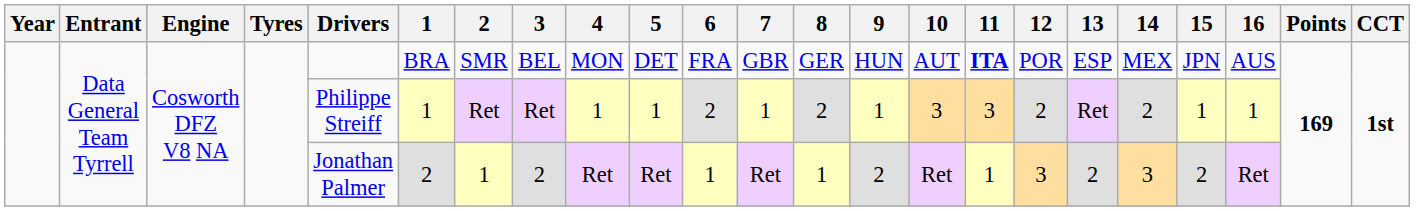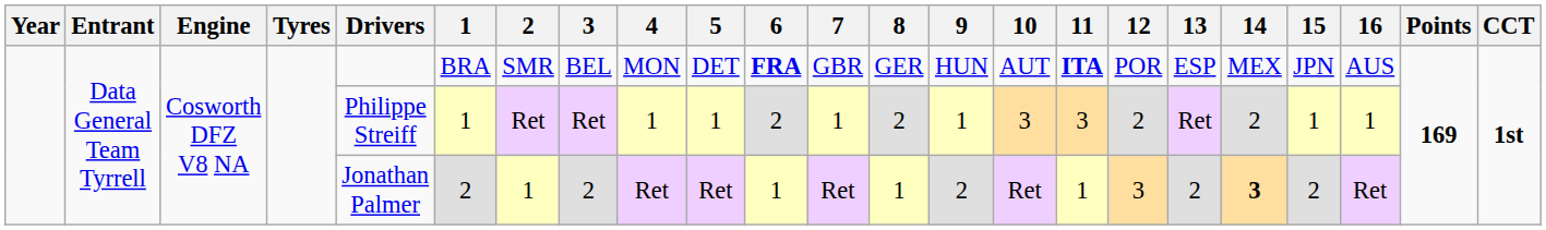 <table class="wikitable" style="text-align:center; font-size:95%">
 <tr>
 <th>Year</th>
 <th>Entrant</th>
 <th>Engine</th>
 <th>Tyres</th>
 <th>Drivers</th>
 <th>1</th>
 <th>2</th>
 <th>3</th>
 <th>4</th>
 <th>5</th>
 <th>6</th>
 <th>7</th>
 <th>8</th>
 <th>9</th>
 <th>10</th>
 <th>11</th>
 <th>12</th>
 <th>13</th>
 <th>14</th>
 <th>15</th>
 <th>16</th>
 <th>Points</th>
 <th>CCT</th>
 </tr>
 <tr>
 <td rowspan="3"></td>
 <td rowspan="3"><a href='#'>Data General</a> <a href='#'>Team Tyrrell</a></td>
 <td rowspan="3"><a href='#'>Cosworth DFZ</a><br><a href='#'>V8</a> <a href='#'>NA</a></td>
 <td rowspan="3"></td>
 <td></td>
 <td><a href='#'>BRA</a></td>
 <td><a href='#'>SMR</a></td>
 <td><a href='#'>BEL</a></td>
 <td><a href='#'>MON</a></td>
 <td><a href='#'>DET</a></td>
-<td><a href='#'>FRA</a></td>
+<td><strong><a href='#'>FRA</a></strong></td>
 <td><a href='#'>GBR</a></td>
 <td><a href='#'>GER</a></td>
 <td><a href='#'>HUN</a></td>
 <td><a href='#'>AUT</a></td>
 <td><strong><a href='#'>ITA</a></strong></td>
 <td><a href='#'>POR</a></td>
 <td><a href='#'>ESP</a></td>
 <td><a href='#'>MEX</a></td>
 <td><a href='#'>JPN</a></td>
 <td><a href='#'>AUS</a></td>
 <td rowspan="3"><strong>169</strong></td>
 <td rowspan="3"><strong>1st</strong></td>
 </tr>
 <tr>
 <td> <a href='#'>Philippe Streiff</a></td>
 <td style="background:#ffffbf;">1</td>
 <td style="background:#efcfff;">Ret</td>
 <td style="background:#efcfff;">Ret</td>
 <td style="background:#ffffbf;">1</td>
 <td style="background:#ffffbf;">1</td>
 <td style="background:#dfdfdf;">2</td>
 <td style="background:#ffffbf;">1</td>
 <td style="background:#dfdfdf;">2</td>
 <td style="background:#ffffbf;">1</td>
 <td style="background:#ffdf9f;">3</td>
 <td style="background:#ffdf9f;">3</td>
 <td style="background:#dfdfdf;">2</td>
 <td style="background:#efcfff;">Ret</td>
 <td style="background:#dfdfdf;">2</td>
 <td style="background:#ffffbf;">1</td>
 <td style="background:#ffffbf;">1</td>
 </tr>
 <tr>
 <td> <a href='#'>Jonathan Palmer</a></td>
 <td style="background:#dfdfdf;">2</td>
 <td style="background:#ffffbf;">1</td>
 <td style="background:#dfdfdf;">2</td>
 <td style="background:#efcfff;">Ret</td>
 <td style="background:#efcfff;">Ret</td>
 <td style="background:#ffffbf;">1</td>
 <td style="background:#efcfff;">Ret</td>
 <td style="background:#ffffbf;">1</td>
 <td style="background:#dfdfdf;">2</td>
 <td style="background:#efcfff;">Ret</td>
 <td style="background:#ffffbf;">1</td>
 <td style="background:#ffdf9f;">3</td>
 <td style="background:#dfdfdf;">2</td>
-<td style="background:#ffdf9f;">3</td>
+<td style="background:#ffdf9f;"><strong>3</strong></td>
 <td style="background:#dfdfdf;">2</td>
 <td style="background:#efcfff;">Ret</td>
 </tr>
 </table>
